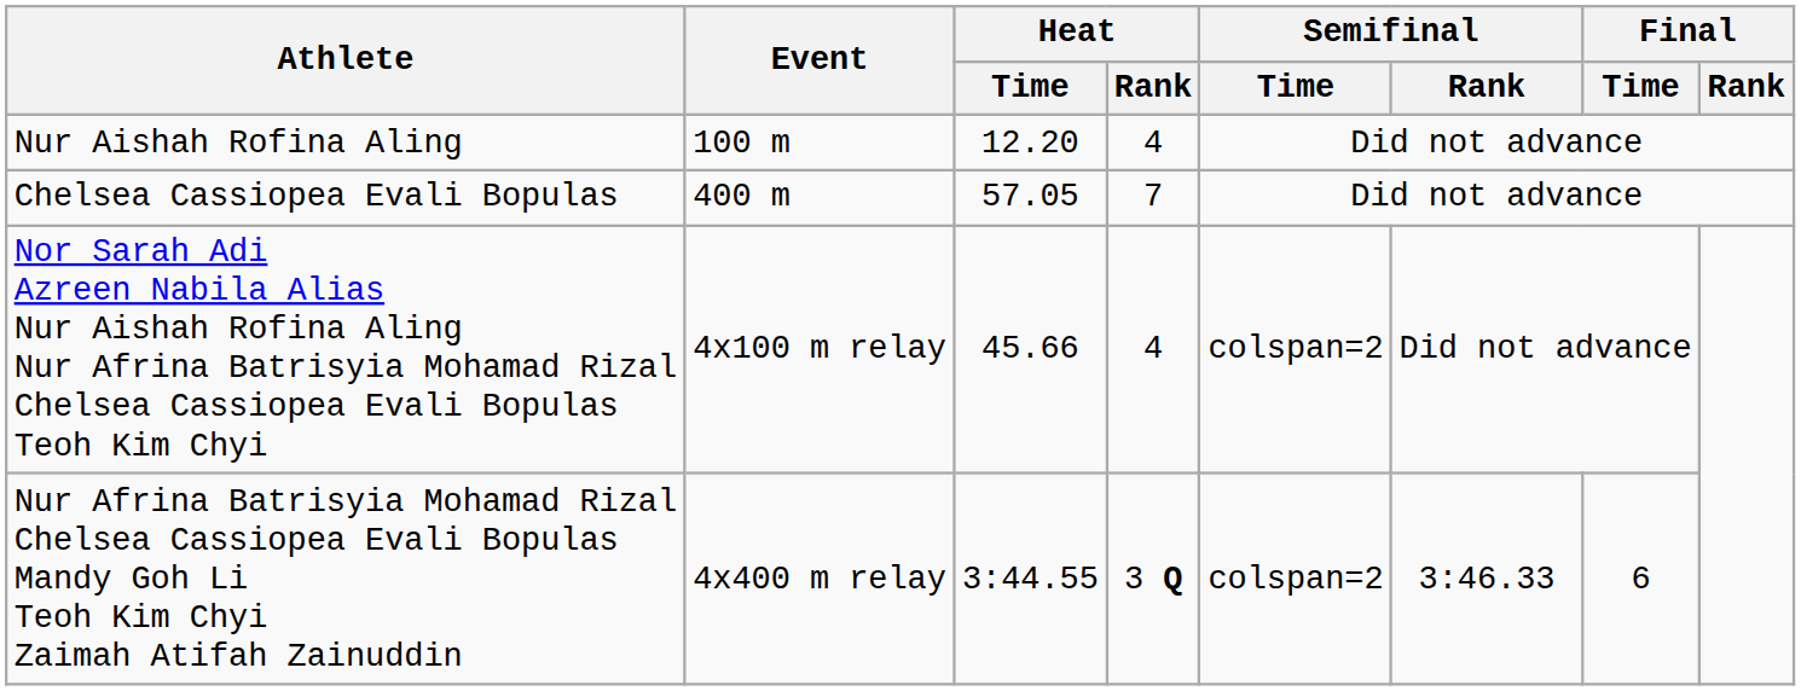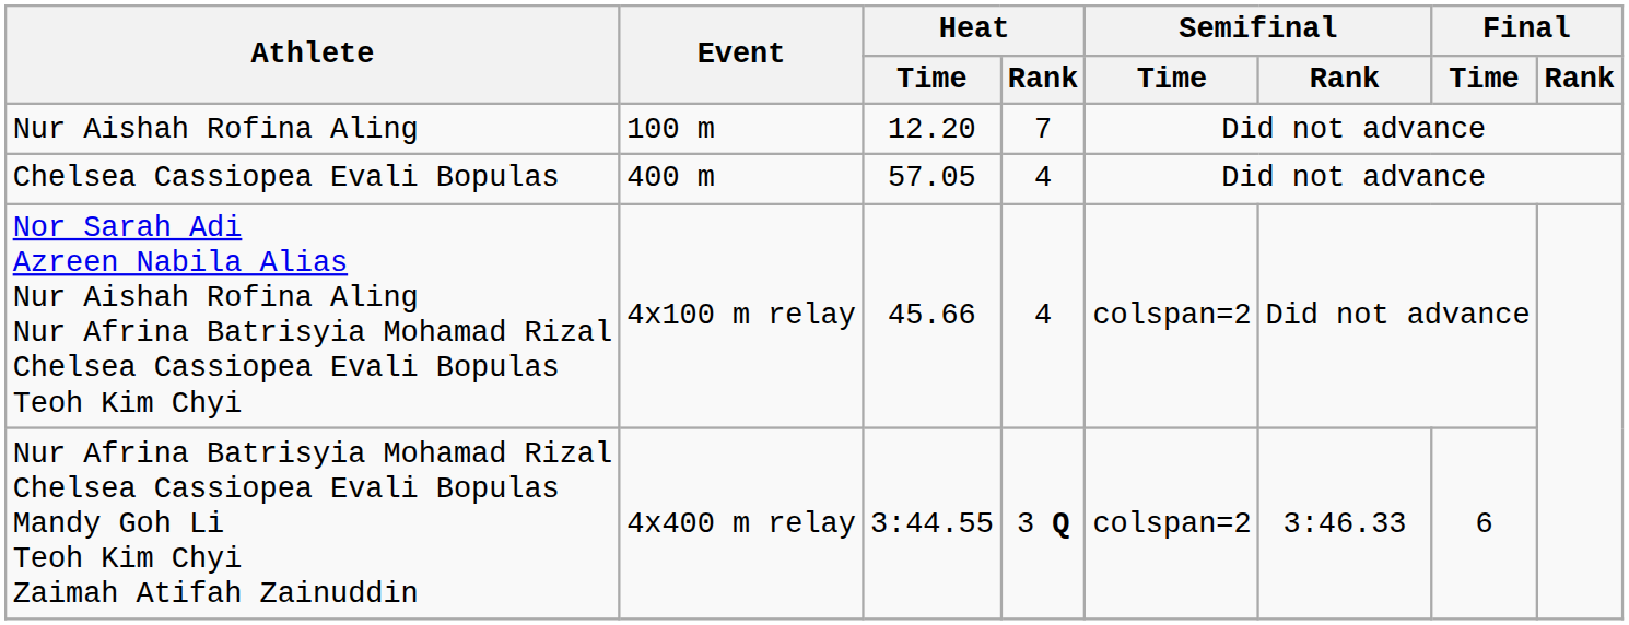 <table class="wikitable" style="font-size:90%">
 <tr>
 <th rowspan="2">Athlete</th>
 <th rowspan="2">Event</th>
 <th colspan="2">Heat</th>
 <th colspan="2">Semifinal</th>
 <th colspan="2">Final</th>
 </tr>
 <tr>
 <th>Time</th>
 <th>Rank</th>
 <th>Time</th>
 <th>Rank</th>
 <th>Time</th>
 <th>Rank</th>
 </tr>
 <tr align="center">
 <td align="left">Nur Aishah Rofina Aling</td>
 <td align="left">100 m</td>
 <td>12.20</td>
-<td>4</td>
+<td>7</td>
 <td colspan="4">Did not advance</td>
 </tr>
 <tr align="center">
 <td align="left">Chelsea Cassiopea Evali Bopulas</td>
 <td align="left">400 m</td>
 <td>57.05</td>
-<td>7</td>
+<td>4</td>
 <td colspan="4">Did not advance</td>
 </tr>
 <tr align="center">
 <td align="left"><a href='#'>Nor Sarah Adi</a><br><a href='#'>Azreen Nabila Alias</a><br>Nur Aishah Rofina Aling<br>Nur Afrina Batrisyia Mohamad Rizal<br>Chelsea Cassiopea Evali Bopulas<br>Teoh Kim Chyi</td>
 <td align="left">4x100 m relay</td>
 <td>45.66</td>
 <td>4</td>
 <td>colspan=2 </td>
 <td colspan=2>Did not advance</td>
 </tr>
 <tr align="center">
 <td align="left">Nur Afrina Batrisyia Mohamad Rizal<br>Chelsea Cassiopea Evali Bopulas<br>Mandy Goh Li<br>Teoh Kim Chyi<br>Zaimah Atifah Zainuddin</td>
 <td align="left">4x400 m relay</td>
 <td>3:44.55</td>
 <td>3 <strong>Q</strong></td>
 <td>colspan=2 </td>
 <td>3:46.33</td>
 <td>6</td>
 </tr>
 </table>
